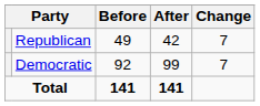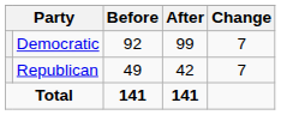 <table class="wikitable" style="text-align:center;">
 <tr>
 </tr>
 <tr>
 <th colspan=2>Party</th>
 <th>Before</th>
 <th>After</th>
 <th>Change</th>
 </tr>
 <tr>
 <th style="background-color:"></th>
-<td style="text-align:left;"><a href='#'>Republican</a></td>
-<td>49</td>
-<td>42</td>
+<td style="text-align:left;"><a href='#'>Democratic</a></td>
+<td>92</td>
+<td>99</td>
 <td> 7</td>
 </tr>
 <tr>
 <th style="background-color:"></th>
-<td style="text-align:left;"><a href='#'>Democratic</a></td>
-<td>92</td>
-<td>99</td>
+<td style="text-align:left;"><a href='#'>Republican</a></td>
+<td>49</td>
+<td>42</td>
 <td> 7</td>
 </tr>
 <tr>
 <td colspan=2><strong>Total</strong></td>
 <td><strong>141</strong></td>
 <td><strong>141</strong></td>
 <td></td>
 </tr>
 </table>
